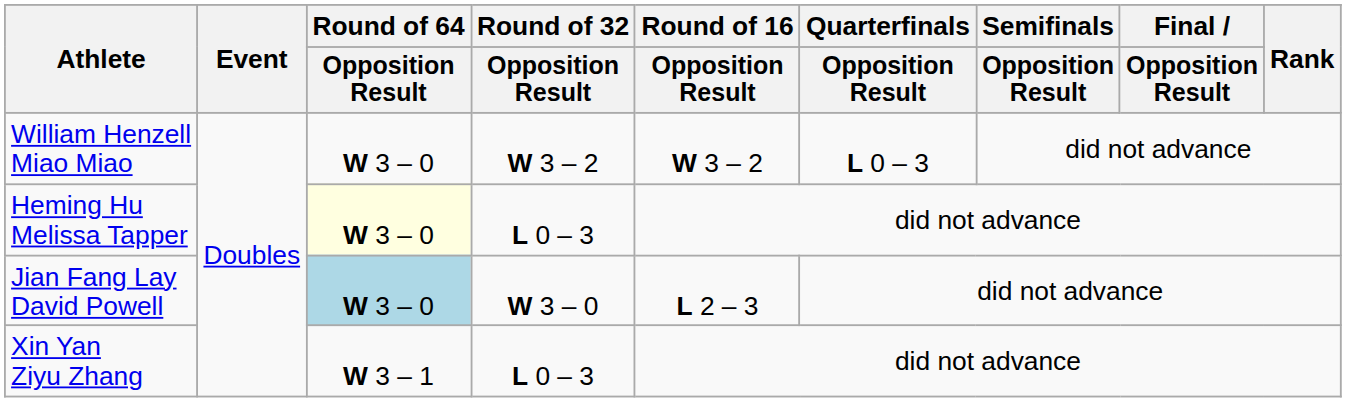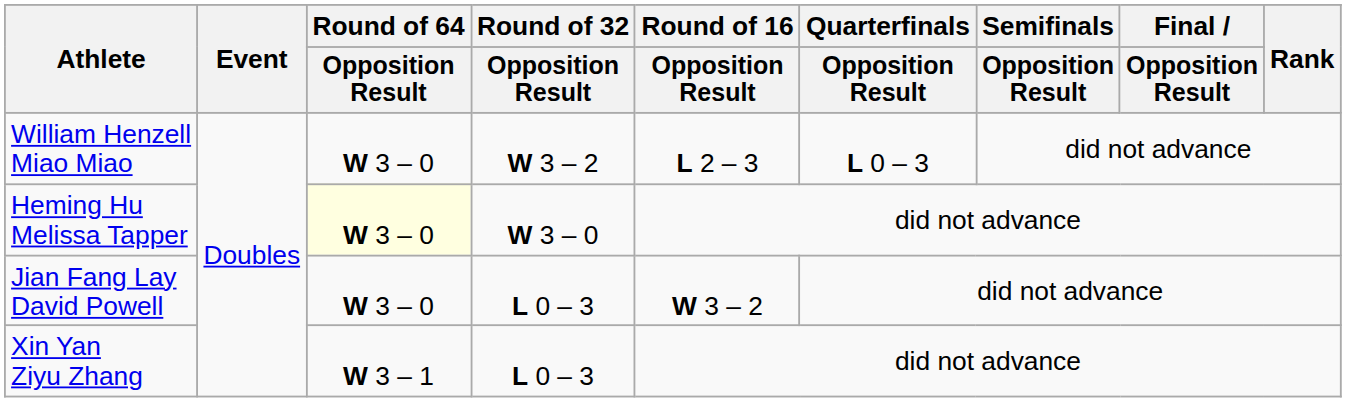 <table class="wikitable" style="font-size:90%">
 <tr>
 <th rowspan=2>Athlete</th>
 <th rowspan=2>Event</th>
 <th>Round of 64</th>
 <th>Round of 32</th>
 <th>Round of 16</th>
 <th>Quarterfinals</th>
 <th>Semifinals</th>
 <th>Final / </th>
 <th rowspan=2>Rank</th>
 </tr>
 <tr style="font-size:95%">
 <th>Opposition<br>Result</th>
 <th>Opposition<br>Result</th>
 <th>Opposition<br>Result</th>
 <th>Opposition<br>Result</th>
 <th>Opposition<br>Result</th>
 <th>Opposition<br>Result</th>
 </tr>
 <tr align=center>
 <td align=left><a href='#'>William Henzell</a><br><a href='#'>Miao Miao</a></td>
 <td align=left rowspan=4><a href='#'>Doubles</a></td>
 <td><br><strong>W</strong> 3 – 0</td>
 <td><br><strong>W</strong> 3 – 2</td>
-<td><br><strong>W</strong> 3 – 2</td>
+<td><br><strong>L</strong> 2 – 3</td>
 <td><br><strong>L</strong> 0 – 3</td>
 <td colspan=3>did not advance</td>
 </tr>
 <tr align=center>
 <td align=left><a href='#'>Heming Hu</a><br><a href='#'>Melissa Tapper</a></td>
 <td style="background: lightyellow;"><br><strong>W</strong> 3 – 0</td>
-<td><br><strong>L</strong> 0 – 3</td>
+<td><br><strong>W</strong> 3 – 0</td>
 <td colspan=5>did not advance</td>
 </tr>
 <tr align=center>
 <td align=left><a href='#'>Jian Fang Lay</a><br><a href='#'>David Powell</a></td>
-<td style="background: lightblue;"><br><strong>W</strong> 3 – 0</td>
 <td><br><strong>W</strong> 3 – 0</td>
-<td><br><strong>L</strong> 2 – 3</td>
+<td><br><strong>L</strong> 0 – 3</td>
+<td><br><strong>W</strong> 3 – 2</td>
 <td colspan=4>did not advance</td>
 </tr>
 <tr align=center>
 <td align=left><a href='#'>Xin Yan</a><br><a href='#'>Ziyu Zhang</a></td>
 <td><br><strong>W</strong> 3 – 1</td>
 <td><br><strong>L</strong> 0 – 3</td>
 <td colspan=5>did not advance</td>
 </tr>
 </table>
